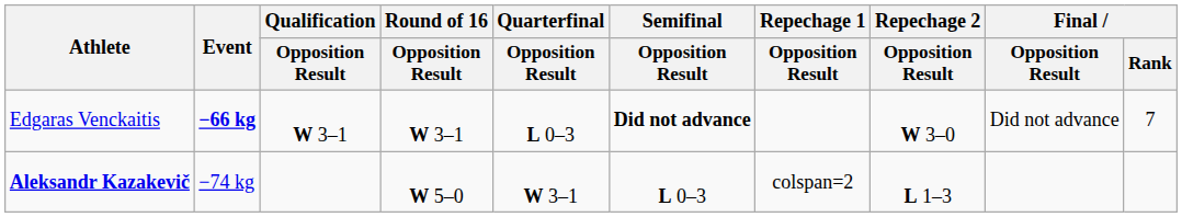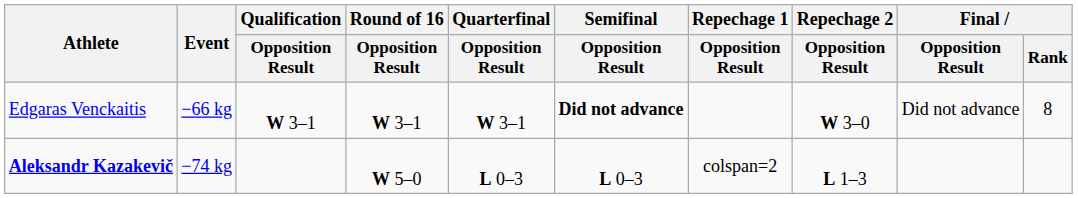 <table class="wikitable" style="font-size:90%">
 <tr>
 <th rowspan="2">Athlete</th>
 <th rowspan="2">Event</th>
 <th>Qualification</th>
 <th>Round of 16</th>
 <th>Quarterfinal</th>
 <th>Semifinal</th>
 <th>Repechage 1</th>
 <th>Repechage 2</th>
 <th colspan=2>Final / </th>
 </tr>
 <tr style="font-size: 95%">
 <th>Opposition<br>Result</th>
 <th>Opposition<br>Result</th>
 <th>Opposition<br>Result</th>
 <th>Opposition<br>Result</th>
 <th>Opposition<br>Result</th>
 <th>Opposition<br>Result</th>
 <th>Opposition<br>Result</th>
 <th>Rank</th>
 </tr>
 <tr align=center>
 <td align=left><a href='#'>Edgaras Venckaitis</a></td>
-<td align=left><strong><a href='#'>−66 kg</a></strong></td>
+<td align=left><a href='#'>−66 kg</a></td>
 <td><br><strong>W</strong> 3–1 <sup></sup></td>
 <td><br><strong>W</strong> 3–1 <sup></sup></td>
-<td><br><strong>L</strong> 0–3 <sup></sup></td>
+<td><br><strong>W</strong> 3–1 <sup></sup></td>
 <td><strong>Did not advance</strong></td>
 <td></td>
 <td><br><strong>W</strong> 3–0 <sup></sup></td>
 <td>Did not advance</td>
-<td>7</td>
+<td>8</td>
 </tr>
 <tr align=center>
 <td align=left><strong><a href='#'>Aleksandr Kazakevič</a></strong></td>
 <td align=left><a href='#'>−74 kg</a></td>
 <td></td>
 <td><br><strong>W</strong> 5–0 <sup></sup></td>
-<td><br><strong>W</strong> 3–1 <sup></sup></td>
+<td><br><strong>L</strong> 0–3 <sup></sup></td>
 <td><br><strong>L</strong> 0–3 <sup></sup></td>
 <td>colspan=2 </td>
 <td><br><strong>L</strong> 1–3 <sup></sup></td>
 <td></td>
 </tr>
 </table>
